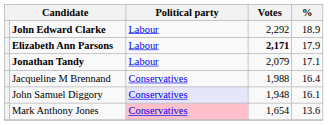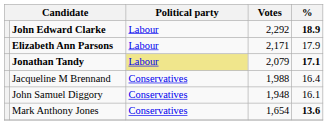 <table class="wikitable">
 <tr>
 <th valign=top colspan="2" style="width: 180px">Candidate</th>
 <th valign=top style="width: 180px">Political party</th>
 <th valign=top style="width: 60px">Votes</th>
 <th valign=top style="width: 40px">%</th>
 </tr>
 <tr>
 <th style="background-color: "></th>
 <td><strong>John Edward Clarke</strong></td>
 <td><a href='#'>Labour</a></td>
 <td align="right">2,292</td>
-<td align="right">18.9</td>
+<td align="right"><strong>18.9</strong></td>
 </tr>
 <tr>
 <th style="background-color: "></th>
 <td><strong>Elizabeth Ann Parsons</strong></td>
 <td><a href='#'>Labour</a></td>
-<td align="right"><strong>2,171</strong></td>
+<td align="right">2,171</td>
 <td align="right">17.9</td>
 </tr>
 <tr>
 <th style="background-color: "></th>
 <td><strong>Jonathan Tandy</strong></td>
-<td><a href='#'>Labour</a></td>
+<td style="background: khaki;"><a href='#'>Labour</a></td>
 <td align="right">2,079</td>
-<td align="right">17.1</td>
+<td align="right"><strong>17.1</strong></td>
 </tr>
 <tr>
 <th style="background-color: "></th>
 <td>Jacqueline M Brennand</td>
 <td><a href='#'>Conservatives</a></td>
 <td align="right">1,988</td>
 <td align="right">16.4</td>
 </tr>
 <tr>
 <th style="background-color: "></th>
 <td>John Samuel Diggory</td>
-<td style="background: lavender;"><a href='#'>Conservatives</a></td>
+<td><a href='#'>Conservatives</a></td>
 <td align="right">1,948</td>
 <td align="right">16.1</td>
 </tr>
 <tr>
 <th style="background-color: "></th>
 <td>Mark Anthony Jones</td>
-<td style="background: pink;"><a href='#'>Conservatives</a></td>
+<td><a href='#'>Conservatives</a></td>
 <td align="right">1,654</td>
-<td align="right">13.6</td>
+<td align="right"><strong>13.6</strong></td>
 </tr>
 <tr>
 </tr>
 </table>
